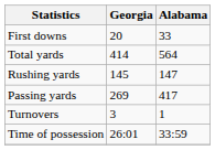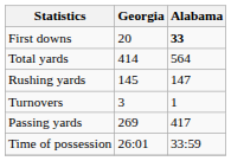 <table class="wikitable" style="float: left;">
 <tr>
 <th>Statistics</th>
 <th>Georgia</th>
 <th>Alabama</th>
 </tr>
 <tr>
 <td>First downs</td>
 <td>20</td>
-<td>33</td>
+<td><strong>33</strong></td>
 </tr>
 <tr>
 <td>Total yards</td>
 <td>414</td>
 <td>564</td>
 </tr>
 <tr>
 <td>Rushing yards</td>
 <td>145</td>
 <td>147</td>
 </tr>
 <tr>
+<td>Turnovers</td>
+<td>3</td>
+<td>1</td>
+</tr>
+<tr>
 <td>Passing yards</td>
 <td>269</td>
 <td>417</td>
-</tr>
-<tr>
-<td>Turnovers</td>
-<td>3</td>
-<td>1</td>
 </tr>
 <tr>
 <td>Time of possession</td>
 <td>26:01</td>
 <td>33:59</td>
 </tr>
 <tr>
 </tr>
 </table>
